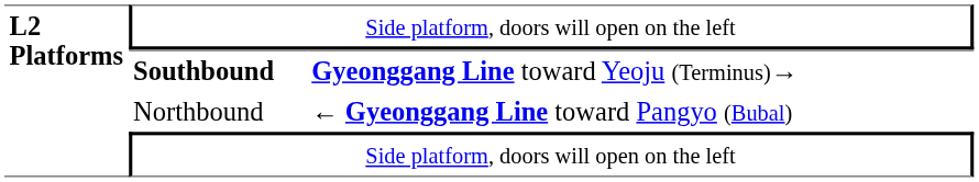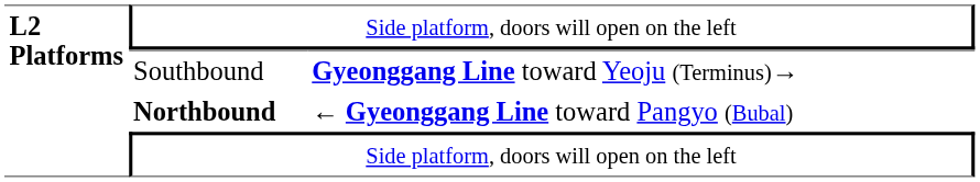 <table table border=0 cellspacing=0 cellpadding=3>
 <tr>
 <td style="border-top:solid 1px gray;border-bottom:solid 1px gray;" width=50 rowspan=10 valign=top><strong>L2<br>Platforms</strong></td>
 <td style="border-top:solid 1px gray;border-right:solid 2px black;border-left:solid 2px black;border-bottom:solid 2px black;text-align:center;" colspan=2><small><a href='#'>Side platform</a>, doors will open on the left</small></td>
 </tr>
 <tr>
-<td style="border-bottom:solid 0px gray;border-top:solid 1px gray;" width=100><strong>Southbound</strong></td>
+<td style="border-bottom:solid 0px gray;border-top:solid 1px gray;" width=100>Southbound</td>
 <td style="border-bottom:solid 0px gray;border-top:solid 1px gray;" width=390> <a href='#'><span><strong>Gyeonggang Line</strong></span></a> toward <a href='#'>Yeoju</a> <small>(Terminus)</small>→</td>
 </tr>
 <tr>
-<td>Northbound</td>
+<td><strong>Northbound</strong></td>
 <td>← <a href='#'><span><strong>Gyeonggang Line</strong></span></a> toward <a href='#'>Pangyo</a> <small>(<a href='#'>Bubal</a>)</small></td>
 </tr>
 <tr>
 <td style="border-top:solid 2px black;border-right:solid 2px black;border-left:solid 2px black;border-bottom:solid 1px gray;text-align:center;" colspan=2><small><a href='#'>Side platform</a>, doors will open on the left</small></td>
 </tr>
 </table>
